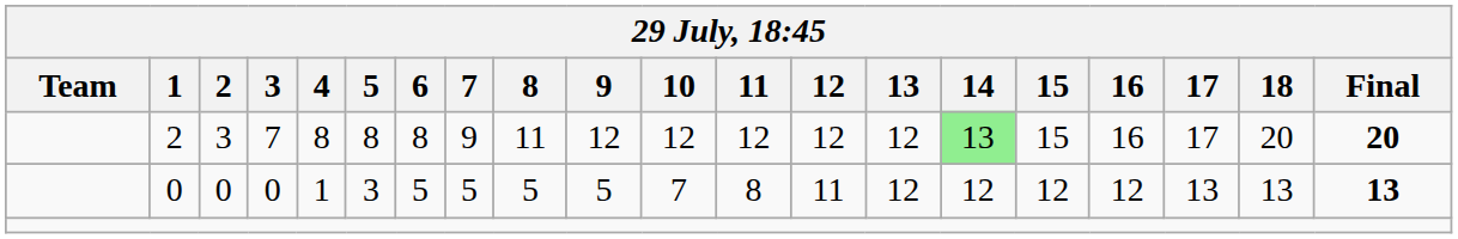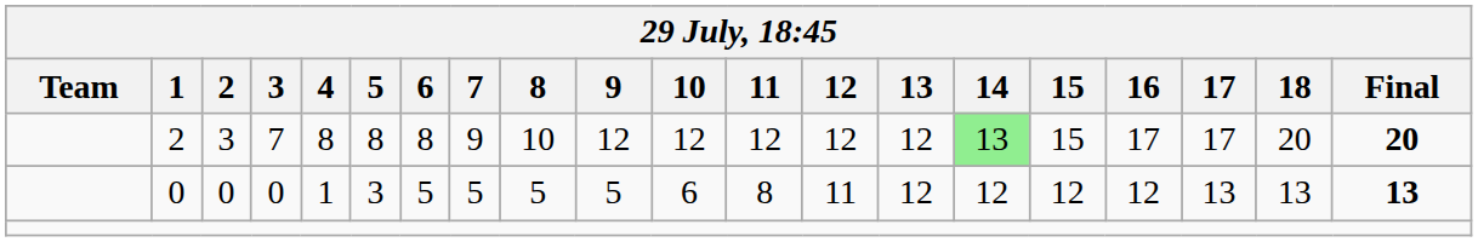 <table class=wikitable style="text-align:center; width: 55%">
 <tr>
 <th colspan=20><em>29 July, 18:45</em></th>
 </tr>
 <tr>
 <th>Team</th>
 <th>1</th>
 <th>2</th>
 <th>3</th>
 <th>4</th>
 <th>5</th>
 <th>6</th>
 <th>7</th>
 <th>8</th>
 <th>9</th>
 <th>10</th>
 <th>11</th>
 <th>12</th>
 <th>13</th>
 <th>14</th>
 <th>15</th>
 <th>16</th>
 <th>17</th>
 <th>18</th>
 <th>Final</th>
 </tr>
 <tr>
 <td align=left><strong></strong></td>
 <td>2</td>
 <td>3</td>
 <td>7</td>
 <td>8</td>
 <td>8</td>
 <td>8</td>
 <td>9</td>
-<td>11</td>
+<td>10</td>
 <td>12</td>
 <td>12</td>
 <td>12</td>
 <td>12</td>
 <td>12</td>
 <td style="background: lightgreen;">13</td>
 <td>15</td>
-<td>16</td>
+<td>17</td>
 <td>17</td>
 <td>20</td>
 <td><strong>20</strong></td>
 </tr>
 <tr>
 <td align=left></td>
 <td>0</td>
 <td>0</td>
 <td>0</td>
 <td>1</td>
 <td>3</td>
 <td>5</td>
 <td>5</td>
 <td>5</td>
 <td>5</td>
-<td>7</td>
+<td>6</td>
 <td>8</td>
 <td>11</td>
 <td>12</td>
 <td>12</td>
 <td>12</td>
 <td>12</td>
 <td>13</td>
 <td>13</td>
 <td><strong>13</strong></td>
 </tr>
 <tr>
 <td colspan=20></td>
 </tr>
 </table>
